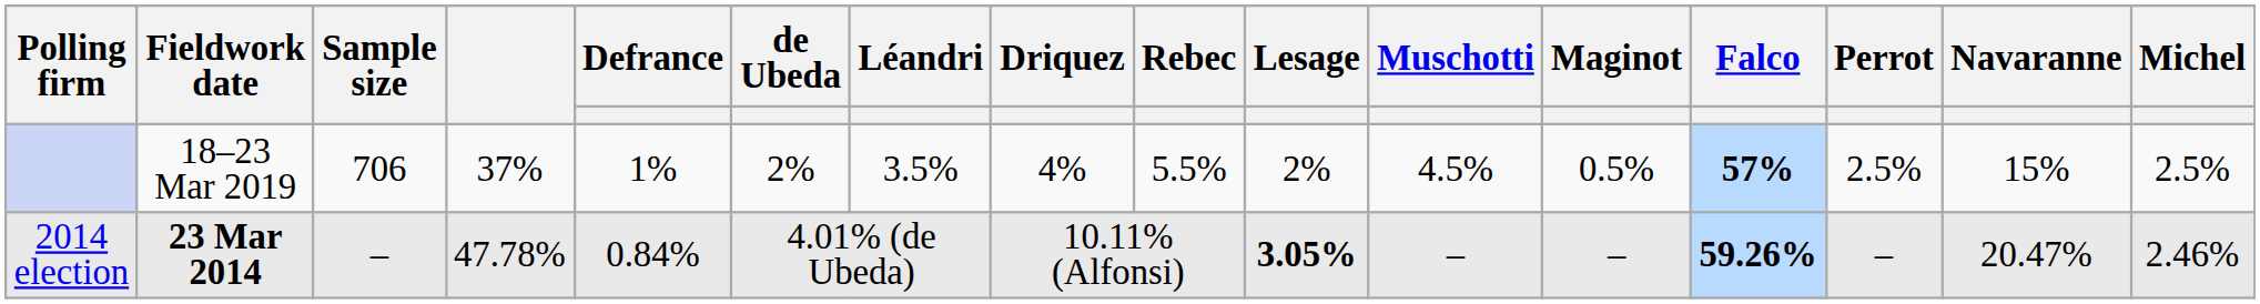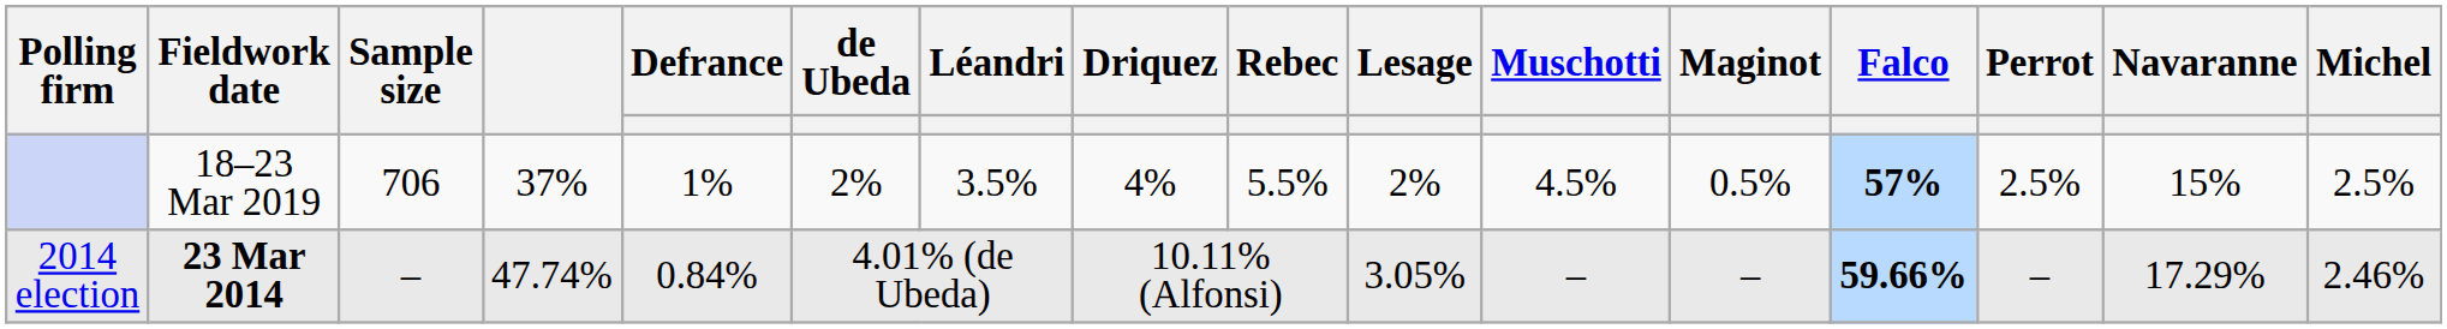 <table class="wikitable sortable" style="text-align:center;font-size:90%;line-height:14px;">
 <tr style="height:40px;">
 <th style="width:100px;" rowspan="2">Polling firm</th>
 <th style="width:110px;" rowspan="2">Fieldwork date</th>
 <th style="width:35px;" rowspan="2">Sample<br>size</th>
 <th style="width:30px;" rowspan="2"></th>
 <th class="unsortable" style="width:60px;">Defrance<br></th>
 <th class="unsortable" style="width:60px;">de Ubeda<br></th>
 <th class="unsortable" style="width:60px;">Léandri<br></th>
 <th class="unsortable" style="width:60px;">Driquez<br></th>
 <th class="unsortable" style="width:60px;">Rebec<br></th>
 <th class="unsortable" style="width:60px;">Lesage<br></th>
 <th class="unsortable" style="width:60px;"><a href='#'>Muschotti</a><br></th>
 <th class="unsortable" style="width:60px;">Maginot<br></th>
 <th class="unsortable" style="width:60px;"><a href='#'>Falco</a><br></th>
 <th class="unsortable" style="width:60px;">Perrot<br></th>
 <th class="unsortable" style="width:60px;">Navaranne<br></th>
 <th class="unsortable" style="width:60px;">Michel<br></th>
 </tr>
 <tr>
 <th style="background:"></th>
 <th style="background:"></th>
 <th style="background:"></th>
 <th style="background:"></th>
 <th style="background:"></th>
 <th style="background:"></th>
 <th style="background:"></th>
 <th style="background:"></th>
 <th style="background:"></th>
 <th style="background:"></th>
 <th style="background:"></th>
 <th style="background:"></th>
 </tr>
 <tr>
 <td style="background:#CAD5F7;"></td>
 <td data-sort-value="2019-03-23">18–23 Mar 2019</td>
 <td>706</td>
 <td>37%</td>
 <td>1%</td>
 <td>2%</td>
 <td>3.5%</td>
 <td>4%</td>
 <td>5.5%</td>
 <td>2%</td>
 <td>4.5%</td>
 <td>0.5%</td>
 <td style="background:#B9DAFF;"><strong>57%</strong></td>
 <td>2.5%</td>
 <td>15%</td>
 <td>2.5%</td>
 </tr>
 <tr style="background:#E9E9E9;">
 <td><a href='#'>2014 election</a></td>
 <td data-sort-value="2014-03-23"><strong>23 Mar 2014</strong></td>
 <td>–</td>
-<td>47.78%</td>
+<td>47.74%</td>
 <td>0.84%</td>
 <td colspan="2">4.01% (de Ubeda)</td>
 <td colspan="2">10.11% (Alfonsi)</td>
-<td><strong>3.05%</strong></td>
+<td>3.05%</td>
 <td>–</td>
 <td>–</td>
-<td style="background:#B9DAFF;"><strong>59.26%</strong></td>
+<td style="background:#B9DAFF;"><strong>59.66%</strong></td>
 <td>–</td>
-<td>20.47%</td>
+<td>17.29%</td>
 <td>2.46%</td>
 </tr>
 </table>
